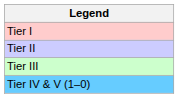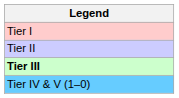 <table class=wikitable style=font-size:90% width=11%>
 <tr>
 <th>Legend</th>
 </tr>
 <tr>
 <td bgcolor=#ffcccc>Tier I</td>
 </tr>
 <tr>
 <td bgcolor=#ccccff>Tier II</td>
 </tr>
 <tr>
-<td bgcolor=#CCFFCC>Tier III</td>
+<td bgcolor=#CCFFCC><strong>Tier III</strong></td>
 </tr>
 <tr>
 <td bgcolor=#66CCFF>Tier IV & V (1–0)</td>
 </tr>
 </table>
